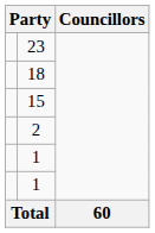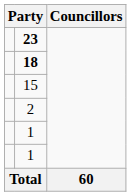 <table class="wikitable">
 <tr>
 <th colspan=2>Party</th>
 <th>Councillors</th>
 </tr>
 <tr>
 <td></td>
-<td align=center>23</td>
+<td align=center><strong>23</strong></td>
 </tr>
 <tr>
 <td></td>
-<td align=center>18</td>
+<td align=center><strong>18</strong></td>
 </tr>
 <tr>
 <td></td>
 <td align=center>15</td>
 </tr>
 <tr>
 <td></td>
 <td align=center>2</td>
 </tr>
 <tr>
 <td></td>
 <td align=center>1</td>
 </tr>
 <tr>
 <td></td>
 <td align=center>1</td>
 </tr>
 <tr>
 <th colspan=2>Total</th>
 <th align=center>60</th>
 </tr>
 </table>
